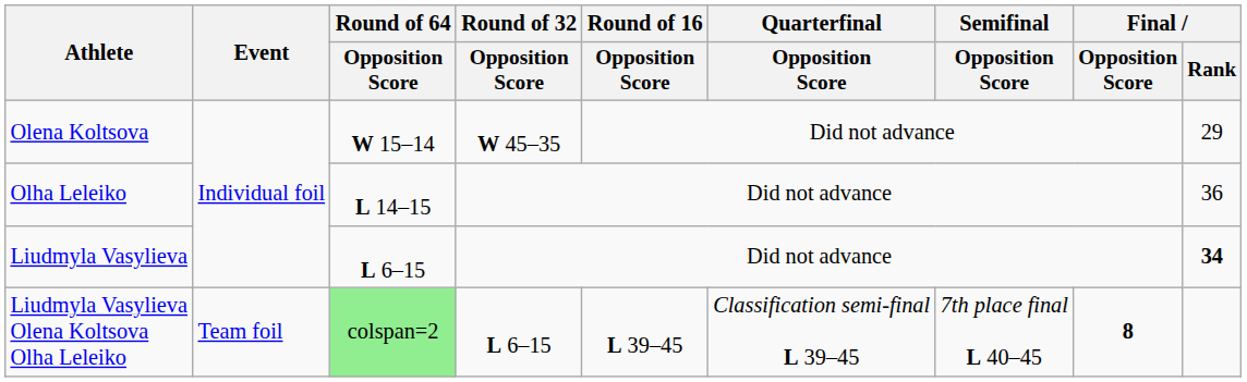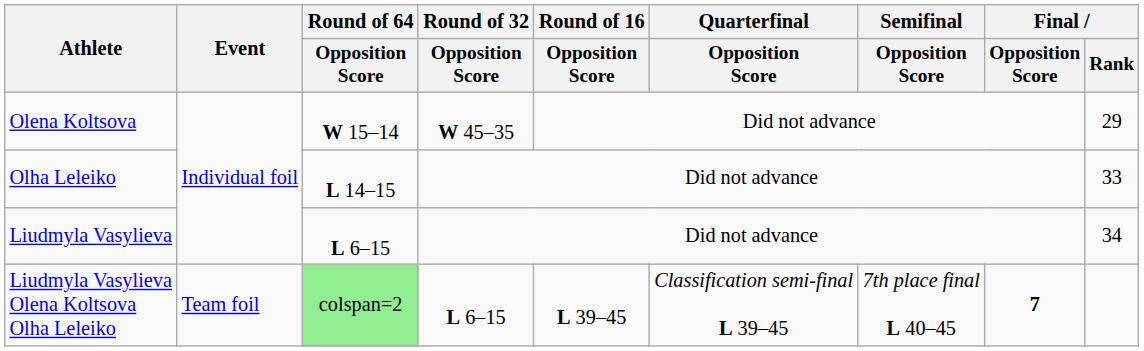 <table class="wikitable" style="font-size:90%">
 <tr>
 <th rowspan="2">Athlete</th>
 <th rowspan="2">Event</th>
 <th>Round of 64</th>
 <th>Round of 32</th>
 <th>Round of 16</th>
 <th>Quarterfinal</th>
 <th>Semifinal</th>
 <th colspan=2>Final / </th>
 </tr>
 <tr style="font-size:95%">
 <th>Opposition <br> Score</th>
 <th>Opposition <br> Score</th>
 <th>Opposition <br> Score</th>
 <th>Opposition <br> Score</th>
 <th>Opposition <br> Score</th>
 <th>Opposition <br> Score</th>
 <th>Rank</th>
 </tr>
 <tr align=center>
 <td align=left><a href='#'>Olena Koltsova</a></td>
 <td align=left rowspan=3><a href='#'>Individual foil</a></td>
 <td><br><strong>W</strong> 15–14</td>
 <td><br><strong>W</strong> 45–35</td>
 <td colspan=4>Did not advance</td>
 <td>29</td>
 </tr>
 <tr align=center>
 <td align=left><a href='#'>Olha Leleiko</a></td>
 <td><br><strong>L</strong> 14–15</td>
 <td colspan=5>Did not advance</td>
-<td>36</td>
+<td>33</td>
 </tr>
 <tr align=center>
 <td align=left><a href='#'>Liudmyla Vasylieva</a></td>
 <td><br><strong>L</strong> 6–15</td>
 <td colspan=5>Did not advance</td>
-<td><strong>34</strong></td>
+<td>34</td>
 </tr>
 <tr align=center>
 <td align=left><a href='#'>Liudmyla Vasylieva</a><br><a href='#'>Olena Koltsova</a><br><a href='#'>Olha Leleiko</a></td>
 <td align=left><a href='#'>Team foil</a></td>
 <td style="background: lightgreen;">colspan=2 </td>
 <td><br><strong>L</strong> 6–15</td>
 <td><br><strong>L</strong> 39–45</td>
 <td><em>Classification semi-final</em><br><br><strong>L</strong> 39–45</td>
 <td><em>7th place final</em><br><br><strong>L</strong> 40–45</td>
-<td><strong>8</strong></td>
+<td><strong>7</strong></td>
 </tr>
 </table>
